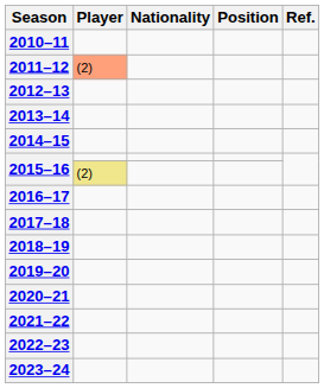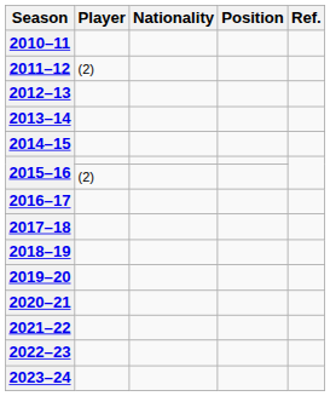 <table class="wikitable plainrowheaders sortable">
 <tr>
 <th scope="col">Season</th>
 <th scope="col">Player</th>
 <th scope="col">Nationality</th>
 <th scope="col">Position</th>
 <th scope="col">Ref.</th>
 </tr>
 <tr>
 <th scope="row" style="text-align:center;"><a href='#'>2010–11</a></th>
 <td></td>
 <td></td>
 <td></td>
 <td></td>
 </tr>
 <tr>
 <th scope="row" style="text-align:center;"><a href='#'>2011–12</a></th>
-<td style="background: lightsalmon;"> <small>(2)</small></td>
+<td> <small>(2)</small></td>
 <td></td>
 <td></td>
 <td></td>
 </tr>
 <tr>
 <th scope="row" style="text-align:center;"><a href='#'>2012–13</a></th>
 <td></td>
 <td></td>
 <td></td>
 <td></td>
 </tr>
 <tr>
 <th scope="row" style="text-align:center;"><a href='#'>2013–14</a></th>
 <td></td>
 <td></td>
 <td></td>
 <td></td>
 </tr>
 <tr>
 <th scope="row" style="text-align:center;"><a href='#'>2014–15</a></th>
 <td></td>
 <td></td>
 <td></td>
 <td></td>
 </tr>
 <tr>
 <th rowspan="2" scope="row" style="text-align:center;"><a href='#'>2015–16</a></th>
 <td></td>
 <td></td>
 <td></td>
 <td rowspan="2"></td>
 </tr>
 <tr>
-<td style="background: khaki;"> <small>(2)</small></td>
+<td> <small>(2)</small></td>
 <td></td>
 <td></td>
 </tr>
 <tr>
 <th scope="row" style="text-align:center;"><a href='#'>2016–17</a></th>
 <td></td>
 <td></td>
 <td></td>
 <td></td>
 </tr>
 <tr>
 <th scope="row" style="text-align:center;"><a href='#'>2017–18</a></th>
 <td></td>
 <td></td>
 <td></td>
 <td></td>
 </tr>
 <tr>
 <th scope="row" style="text-align:center;"><a href='#'>2018–19</a></th>
 <td></td>
 <td></td>
 <td></td>
 <td></td>
 </tr>
 <tr>
 <th scope="row" style="text-align:center;"><a href='#'>2019–20</a></th>
 <td></td>
 <td></td>
 <td></td>
 <td></td>
 </tr>
 <tr>
 <th scope="row" style="text-align:center;"><a href='#'>2020–21</a></th>
 <td></td>
 <td></td>
 <td></td>
 <td></td>
 </tr>
 <tr>
 <th scope="row" style="text-align:center;"><a href='#'>2021–22</a></th>
 <td></td>
 <td></td>
 <td></td>
 <td></td>
 </tr>
 <tr>
 <th scope="row" style="text-align:center;"><a href='#'>2022–23</a></th>
 <td><strong></strong></td>
 <td></td>
 <td></td>
 <td></td>
 </tr>
 <tr>
 <th scope="row" style="text-align:center;"><a href='#'>2023–24</a></th>
 <td></td>
 <td></td>
 <td></td>
 <td></td>
 </tr>
 </table>
